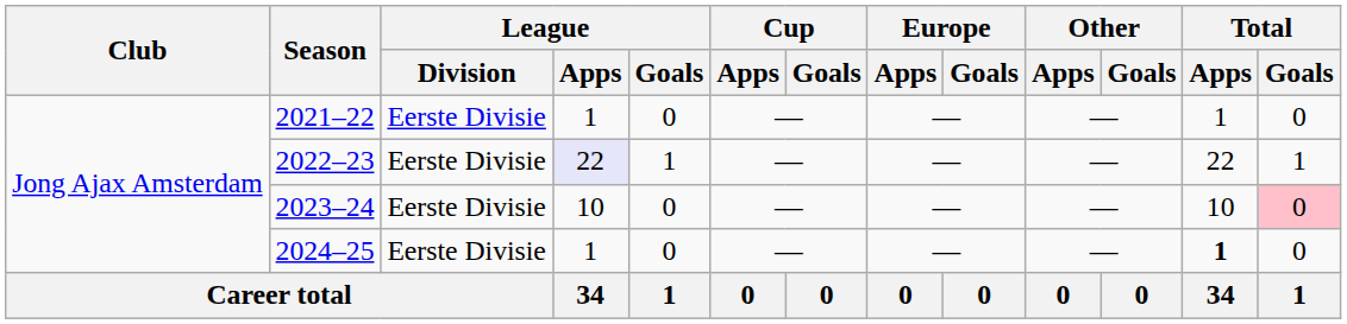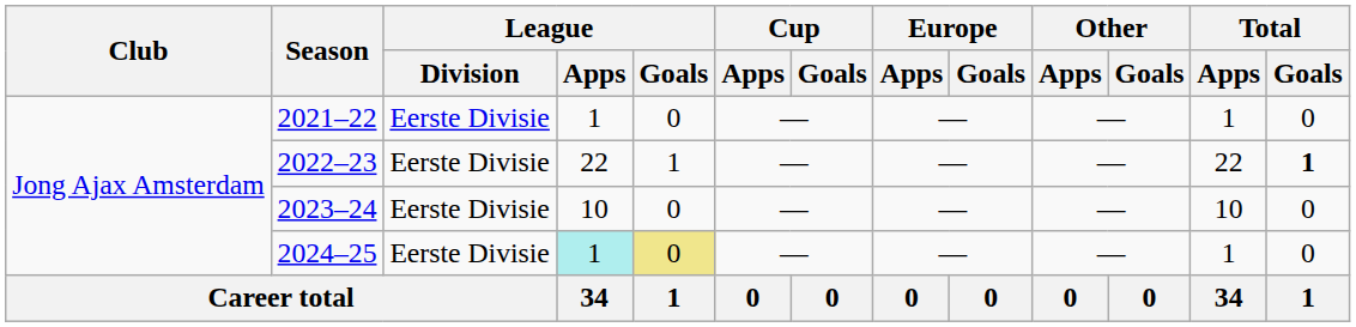 <table class="wikitable" style="text-align:center">
 <tr>
 <th rowspan="2">Club</th>
 <th rowspan="2">Season</th>
 <th colspan="3">League</th>
 <th colspan="2">Cup</th>
 <th colspan="2">Europe</th>
 <th colspan="2">Other</th>
 <th colspan="2">Total</th>
 </tr>
 <tr>
 <th>Division</th>
 <th>Apps</th>
 <th>Goals</th>
 <th>Apps</th>
 <th>Goals</th>
 <th>Apps</th>
 <th>Goals</th>
 <th>Apps</th>
 <th>Goals</th>
 <th>Apps</th>
 <th>Goals</th>
 </tr>
 <tr>
 <td rowspan="4"><a href='#'>Jong Ajax Amsterdam</a></td>
 <td><a href='#'>2021–22</a></td>
 <td><a href='#'>Eerste Divisie</a></td>
 <td>1</td>
 <td>0</td>
 <td colspan="2">—</td>
 <td colspan="2">—</td>
 <td colspan="2">—</td>
 <td>1</td>
 <td>0</td>
 </tr>
 <tr>
 <td><a href='#'>2022–23</a></td>
 <td>Eerste Divisie</td>
-<td style="background: lavender;">22</td>
+<td>22</td>
 <td>1</td>
 <td colspan="2">—</td>
 <td colspan="2">—</td>
 <td colspan="2">—</td>
 <td>22</td>
-<td>1</td>
+<td><strong>1</strong></td>
 </tr>
 <tr>
 <td><a href='#'>2023–24</a></td>
 <td>Eerste Divisie</td>
 <td>10</td>
 <td>0</td>
 <td colspan="2">—</td>
 <td colspan="2">—</td>
 <td colspan="2">—</td>
 <td>10</td>
-<td style="background: pink;">0</td>
+<td>0</td>
 </tr>
 <tr>
 <td><a href='#'>2024–25</a></td>
 <td>Eerste Divisie</td>
-<td>1</td>
-<td>0</td>
+<td style="background: paleturquoise;">1</td>
+<td style="background: khaki;">0</td>
 <td colspan="2">—</td>
 <td colspan="2">—</td>
 <td colspan="2">—</td>
-<td><strong>1</strong></td>
+<td>1</td>
 <td>0</td>
 </tr>
 <tr>
 <th colspan="3">Career total</th>
 <th>34</th>
 <th>1</th>
 <th>0</th>
 <th>0</th>
 <th>0</th>
 <th>0</th>
 <th>0</th>
 <th>0</th>
 <th>34</th>
 <th>1</th>
 </tr>
 </table>
